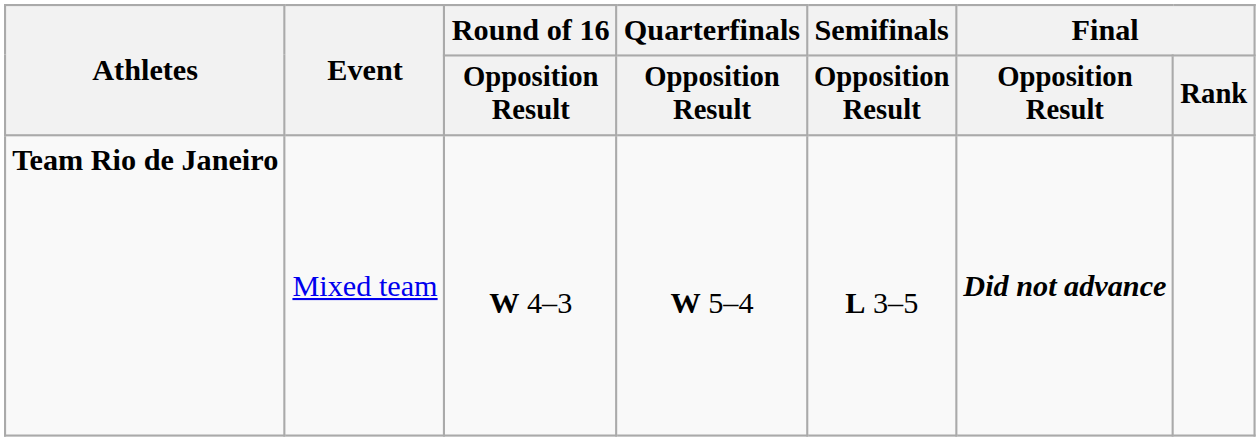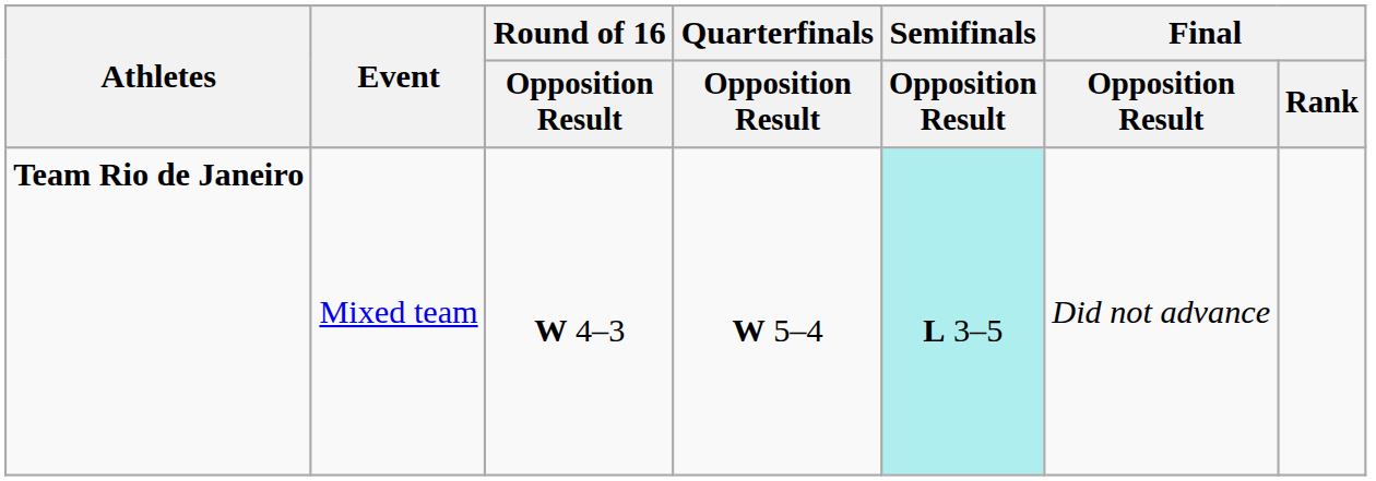 <table class="wikitable" style="text-align:center;font-size:90%">
 <tr>
 <th rowspan=2>Athletes</th>
 <th rowspan=2>Event</th>
 <th>Round of 16</th>
 <th>Quarterfinals</th>
 <th>Semifinals</th>
 <th colspan=2>Final</th>
 </tr>
 <tr style="font-size:95%">
 <th>Opposition<br>Result</th>
 <th>Opposition<br>Result</th>
 <th>Opposition<br>Result</th>
 <th>Opposition<br>Result</th>
 <th>Rank</th>
 </tr>
 <tr>
 <td align=left><strong>Team Rio de Janeiro</strong><br><br><br><br><br><br><br><br></td>
 <td align=left><a href='#'>Mixed team</a></td>
 <td><br><strong>W</strong> 4–3</td>
 <td><br><strong>W</strong> 5–4</td>
-<td><br><strong>L</strong> 3–5</td>
-<td><strong><em>Did not advance</em></strong></td>
+<td style="background: paleturquoise;"><br><strong>L</strong> 3–5</td>
+<td><em>Did not advance</em></td>
 <td></td>
 </tr>
 </table>
